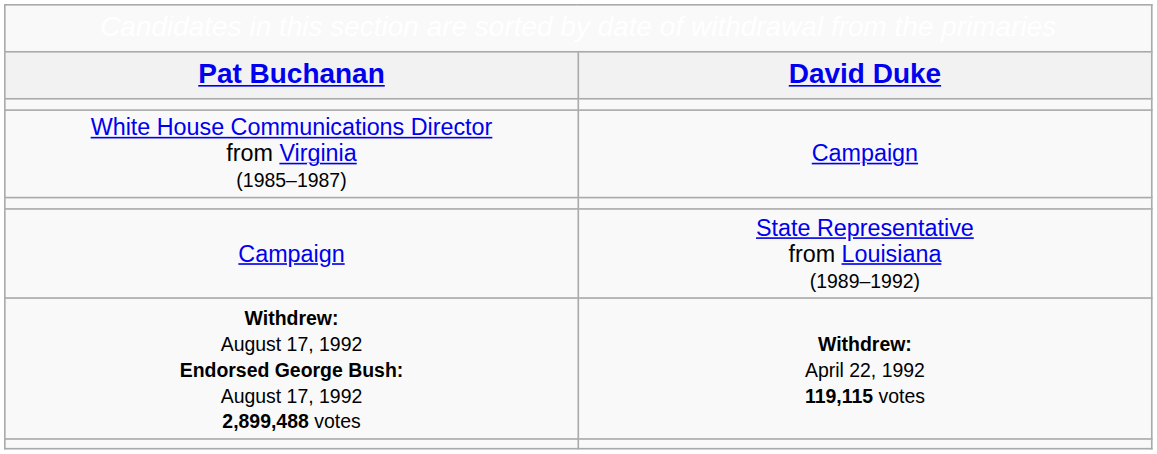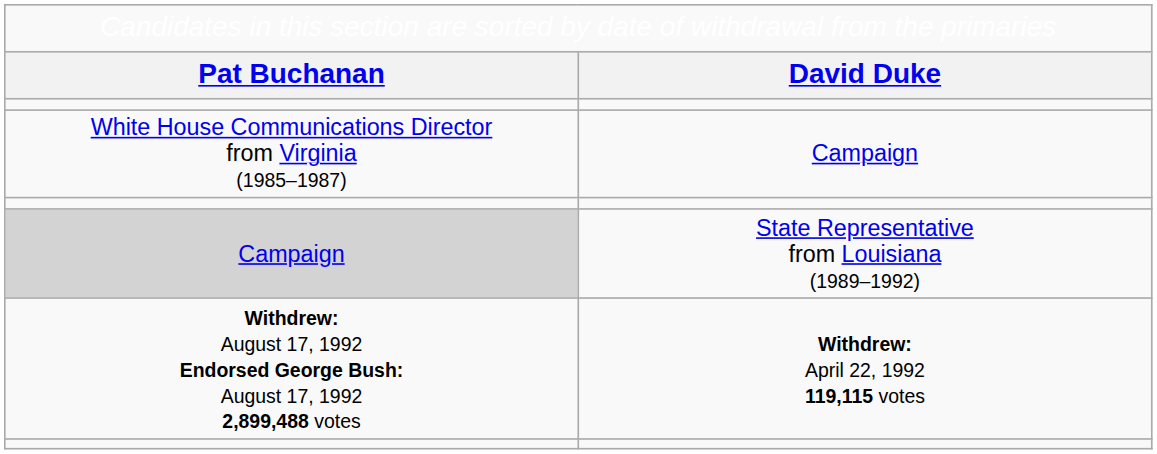 <table class="wikitable mw-collapsible" style="font-size:90%;">
 <tr>
 <td colspan="9" style="text-align:center; width:700px; font-size:120%; color:white; background:"><em>Candidates in this section are sorted by date of withdrawal from the primaries</em></td>
 </tr>
 <tr style="text-align:center">
 <th scope="col" style="width:10em; font-size:120%;"><a href='#'>Pat Buchanan</a></th>
 <th scope="col" style="width:10em; font-size:120%;"><a href='#'>David Duke</a></th>
 </tr>
 <tr style="text-align:center">
 <td></td>
 <td></td>
 </tr>
 <tr style="text-align:center">
 <td><a href='#'>White House Communications Director</a><br>from <a href='#'>Virginia</a><br><small>(1985–1987)</small></td>
 <td><a href='#'>Campaign</a></td>
 </tr>
 <tr style="text-align:center">
 <td></td>
 <td></td>
 </tr>
 <tr style="text-align:center">
-<td><a href='#'>Campaign</a></td>
+<td style="background: lightgrey;"><a href='#'>Campaign</a></td>
 <td><a href='#'>State Representative</a><br>from <a href='#'>Louisiana</a><br><small>(1989–1992)</small></td>
 </tr>
 <tr style="text-align:center">
 <td><small><strong>Withdrew:</strong><br>August 17, 1992</small><br><small><strong>Endorsed George Bush:</strong><br>August 17, 1992</small><br><small><strong>2,899,488</strong> votes</small></td>
 <td><small><strong>Withdrew:</strong><br>April 22, 1992</small><br><small><strong>119,115</strong> votes</small></td>
 </tr>
 <tr>
 <td></td>
 <td></td>
 </tr>
 </table>
